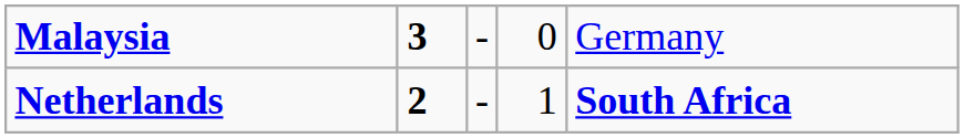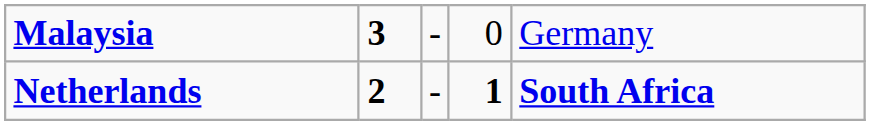 <table class="wikitable">
 <tr>
 <td width=150> <strong><a href='#'>Malaysia</a></strong></td>
 <td width=20 align="left"><strong>3</strong></td>
 <td>-</td>
 <td width=20 align="right">0</td>
 <td width=150> <a href='#'>Germany</a></td>
 </tr>
 <tr>
 <td> <strong><a href='#'>Netherlands</a></strong></td>
 <td align="left"><strong>2</strong></td>
 <td>-</td>
-<td align="right">1</td>
+<td align="right"><strong>1</strong></td>
 <td><strong> <a href='#'>South Africa</a></strong></td>
 </tr>
 </table>
